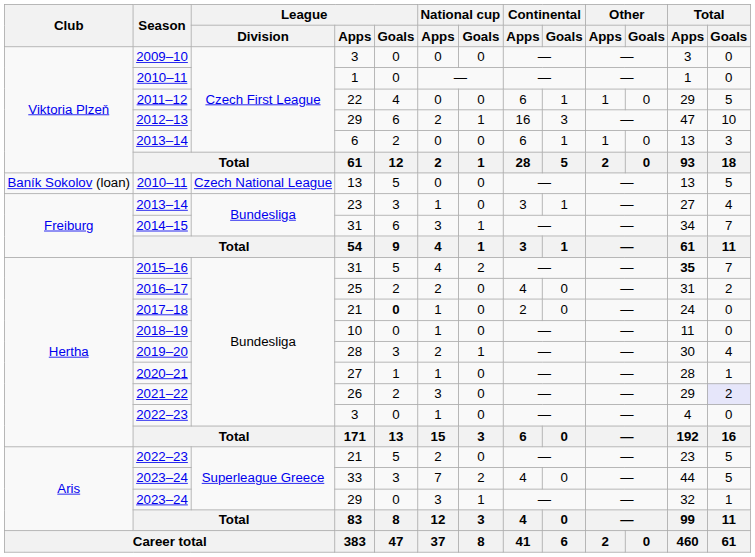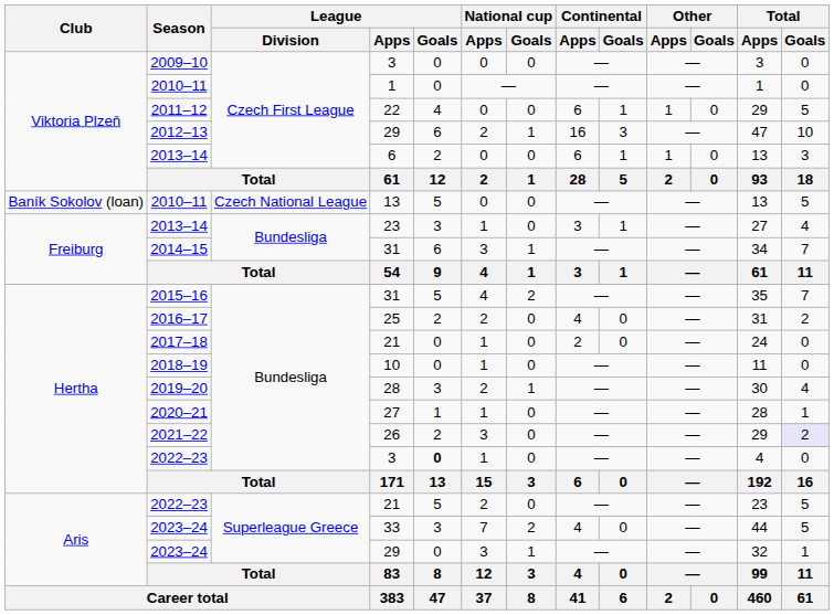 <table class="wikitable" style="text-align:center">
 <tr>
 <th rowspan="2">Club</th>
 <th rowspan="2">Season</th>
 <th colspan="3">League</th>
 <th colspan="2">National cup</th>
 <th colspan="2">Continental</th>
 <th colspan="2">Other</th>
 <th colspan="2">Total</th>
 </tr>
 <tr>
 <th>Division</th>
 <th>Apps</th>
 <th>Goals</th>
 <th>Apps</th>
 <th>Goals</th>
 <th>Apps</th>
 <th>Goals</th>
 <th>Apps</th>
 <th>Goals</th>
 <th>Apps</th>
 <th>Goals</th>
 </tr>
 <tr>
 <td rowspan="6"><a href='#'>Viktoria Plzeň</a></td>
 <td><a href='#'>2009–10</a></td>
 <td rowspan="5"><a href='#'>Czech First League</a></td>
 <td>3</td>
 <td>0</td>
 <td>0</td>
 <td>0</td>
 <td colspan="2">—</td>
 <td colspan="2">—</td>
 <td>3</td>
 <td>0</td>
 </tr>
 <tr>
 <td><a href='#'>2010–11</a></td>
 <td>1</td>
 <td>0</td>
 <td colspan="2">—</td>
 <td colspan="2">—</td>
 <td colspan="2">—</td>
 <td>1</td>
 <td>0</td>
 </tr>
 <tr>
 <td><a href='#'>2011–12</a></td>
 <td>22</td>
 <td>4</td>
 <td>0</td>
 <td>0</td>
 <td>6</td>
 <td>1</td>
 <td>1</td>
 <td>0</td>
 <td>29</td>
 <td>5</td>
 </tr>
 <tr>
 <td><a href='#'>2012–13</a></td>
 <td>29</td>
 <td>6</td>
 <td>2</td>
 <td>1</td>
 <td>16</td>
 <td>3</td>
 <td colspan="2">—</td>
 <td>47</td>
 <td>10</td>
 </tr>
 <tr>
 <td><a href='#'>2013–14</a></td>
 <td>6</td>
 <td>2</td>
 <td>0</td>
 <td>0</td>
 <td>6</td>
 <td>1</td>
 <td>1</td>
 <td>0</td>
 <td>13</td>
 <td>3</td>
 </tr>
 <tr>
 <th colspan="2">Total</th>
 <th>61</th>
 <th>12</th>
 <th>2</th>
 <th>1</th>
 <th>28</th>
 <th>5</th>
 <th>2</th>
 <th>0</th>
 <th>93</th>
 <th>18</th>
 </tr>
 <tr>
 <td><a href='#'>Baník Sokolov</a> (loan)</td>
 <td><a href='#'>2010–11</a></td>
 <td><a href='#'>Czech National League</a></td>
 <td>13</td>
 <td>5</td>
 <td>0</td>
 <td>0</td>
 <td colspan="2">—</td>
 <td colspan="2">—</td>
 <td>13</td>
 <td>5</td>
 </tr>
 <tr>
 <td rowspan="3"><a href='#'>Freiburg</a></td>
 <td><a href='#'>2013–14</a></td>
 <td rowspan="2"><a href='#'>Bundesliga</a></td>
 <td>23</td>
 <td>3</td>
 <td>1</td>
 <td>0</td>
 <td>3</td>
 <td>1</td>
 <td colspan="2">—</td>
 <td>27</td>
 <td>4</td>
 </tr>
 <tr>
 <td><a href='#'>2014–15</a></td>
 <td>31</td>
 <td>6</td>
 <td>3</td>
 <td>1</td>
 <td colspan="2">—</td>
 <td colspan="2">—</td>
 <td>34</td>
 <td>7</td>
 </tr>
 <tr>
 <th colspan="2">Total</th>
 <th>54</th>
 <th>9</th>
 <th>4</th>
 <th>1</th>
 <th>3</th>
 <th>1</th>
 <th colspan="2">—</th>
 <th>61</th>
 <th>11</th>
 </tr>
 <tr>
 <td rowspan="9"><a href='#'>Hertha</a></td>
 <td><a href='#'>2015–16</a></td>
 <td rowspan="8">Bundesliga</td>
 <td>31</td>
 <td>5</td>
 <td>4</td>
 <td>2</td>
 <td colspan="2">—</td>
 <td colspan="2">—</td>
-<td><strong>35</strong></td>
+<td>35</td>
 <td>7</td>
 </tr>
 <tr>
 <td><a href='#'>2016–17</a></td>
 <td>25</td>
 <td>2</td>
 <td>2</td>
 <td>0</td>
 <td>4</td>
 <td>0</td>
 <td colspan="2">—</td>
 <td>31</td>
 <td>2</td>
 </tr>
 <tr>
 <td><a href='#'>2017–18</a></td>
 <td>21</td>
-<td><strong>0</strong></td>
+<td>0</td>
 <td>1</td>
 <td>0</td>
 <td>2</td>
 <td>0</td>
 <td colspan="2">—</td>
 <td>24</td>
 <td>0</td>
 </tr>
 <tr>
 <td><a href='#'>2018–19</a></td>
 <td>10</td>
 <td>0</td>
 <td>1</td>
 <td>0</td>
 <td colspan="2">—</td>
 <td colspan="2">—</td>
 <td>11</td>
 <td>0</td>
 </tr>
 <tr>
 <td><a href='#'>2019–20</a></td>
 <td>28</td>
 <td>3</td>
 <td>2</td>
 <td>1</td>
 <td colspan="2">—</td>
 <td colspan="2">—</td>
 <td>30</td>
 <td>4</td>
 </tr>
 <tr>
 <td><a href='#'>2020–21</a></td>
 <td>27</td>
 <td>1</td>
 <td>1</td>
 <td>0</td>
 <td colspan="2">—</td>
 <td colspan="2">—</td>
 <td>28</td>
 <td>1</td>
 </tr>
 <tr>
 <td><a href='#'>2021–22</a></td>
 <td>26</td>
 <td>2</td>
 <td>3</td>
 <td>0</td>
 <td colspan="2">—</td>
 <td colspan="2">—</td>
 <td>29</td>
 <td style="background: lavender;">2</td>
 </tr>
 <tr>
 <td><a href='#'>2022–23</a></td>
 <td>3</td>
-<td>0</td>
+<td><strong>0</strong></td>
 <td>1</td>
 <td>0</td>
 <td colspan="2">—</td>
 <td colspan="2">—</td>
 <td>4</td>
 <td>0</td>
 </tr>
 <tr>
 <th colspan="2">Total</th>
 <th>171</th>
 <th>13</th>
 <th>15</th>
 <th>3</th>
 <th>6</th>
 <th>0</th>
 <th colspan="2">—</th>
 <th>192</th>
 <th>16</th>
 </tr>
 <tr>
 <td rowspan="4"><a href='#'>Aris</a></td>
 <td><a href='#'>2022–23</a></td>
 <td rowspan="3"><a href='#'>Superleague Greece</a></td>
 <td>21</td>
 <td>5</td>
 <td>2</td>
 <td>0</td>
 <td colspan="2">—</td>
 <td colspan="2">—</td>
 <td>23</td>
 <td>5</td>
 </tr>
 <tr>
 <td><a href='#'>2023–24</a></td>
 <td>33</td>
 <td>3</td>
 <td>7</td>
 <td>2</td>
 <td>4</td>
 <td>0</td>
 <td colspan="2">—</td>
 <td>44</td>
 <td>5</td>
 </tr>
 <tr>
 <td><a href='#'>2023–24</a></td>
 <td>29</td>
 <td>0</td>
 <td>3</td>
 <td>1</td>
 <td colspan="2">—</td>
 <td colspan="2">—</td>
 <td>32</td>
 <td>1</td>
 </tr>
 <tr>
 <th colspan="2">Total</th>
 <th>83</th>
 <th>8</th>
 <th>12</th>
 <th>3</th>
 <th>4</th>
 <th>0</th>
 <th colspan="2">—</th>
 <th>99</th>
 <th>11</th>
 </tr>
 <tr>
 <th colspan="3">Career total</th>
 <th>383</th>
 <th>47</th>
 <th>37</th>
 <th>8</th>
 <th>41</th>
 <th>6</th>
 <th>2</th>
 <th>0</th>
 <th>460</th>
 <th>61</th>
 </tr>
 </table>
